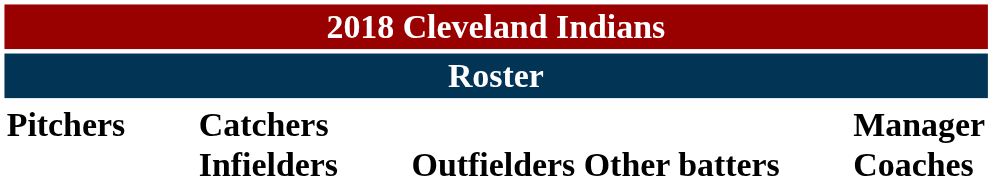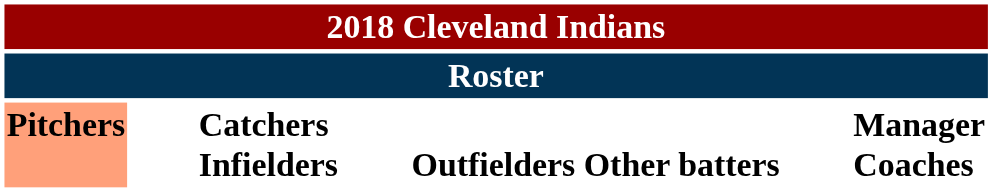 <table class="toccolours" style="font-size: 95%;">
 <tr>
 <th colspan="10" style="background-color: #990000; color: white; text-align: center;">2018 Cleveland Indians</th>
 </tr>
 <tr>
 <td colspan="10" style="background-color: #023456; color: #FFFFFF; text-align: center;"><strong>Roster</strong></td>
 </tr>
 <tr>
-<td valign="top"><strong>Pitchers</strong><br>                         </td>
+<td valign="top" style="background: lightsalmon;"><strong>Pitchers</strong><br>                         </td>
 <td width="25px"></td>
 <td valign="top"><strong>Catchers</strong><br>   <strong>Infielders</strong>         </td>
 <td width="25px"></td>
 <td valign="top"><br><strong>Outfielders</strong>            <strong>Other batters</strong> </td>
 <td width="25px"></td>
 <td valign="top"><strong>Manager</strong><br> <strong>Coaches</strong>                        </td>
 </tr>
 </table>
